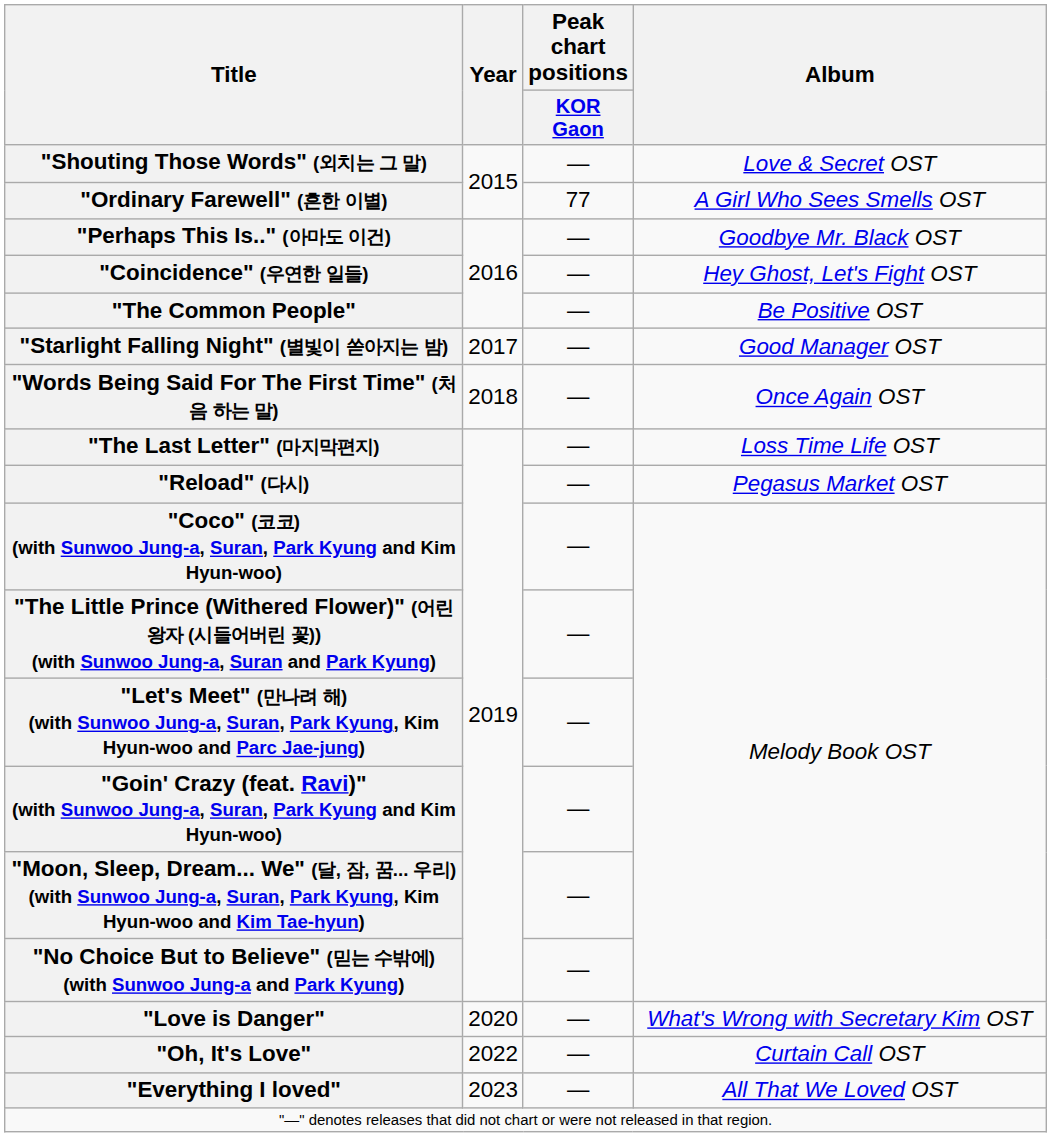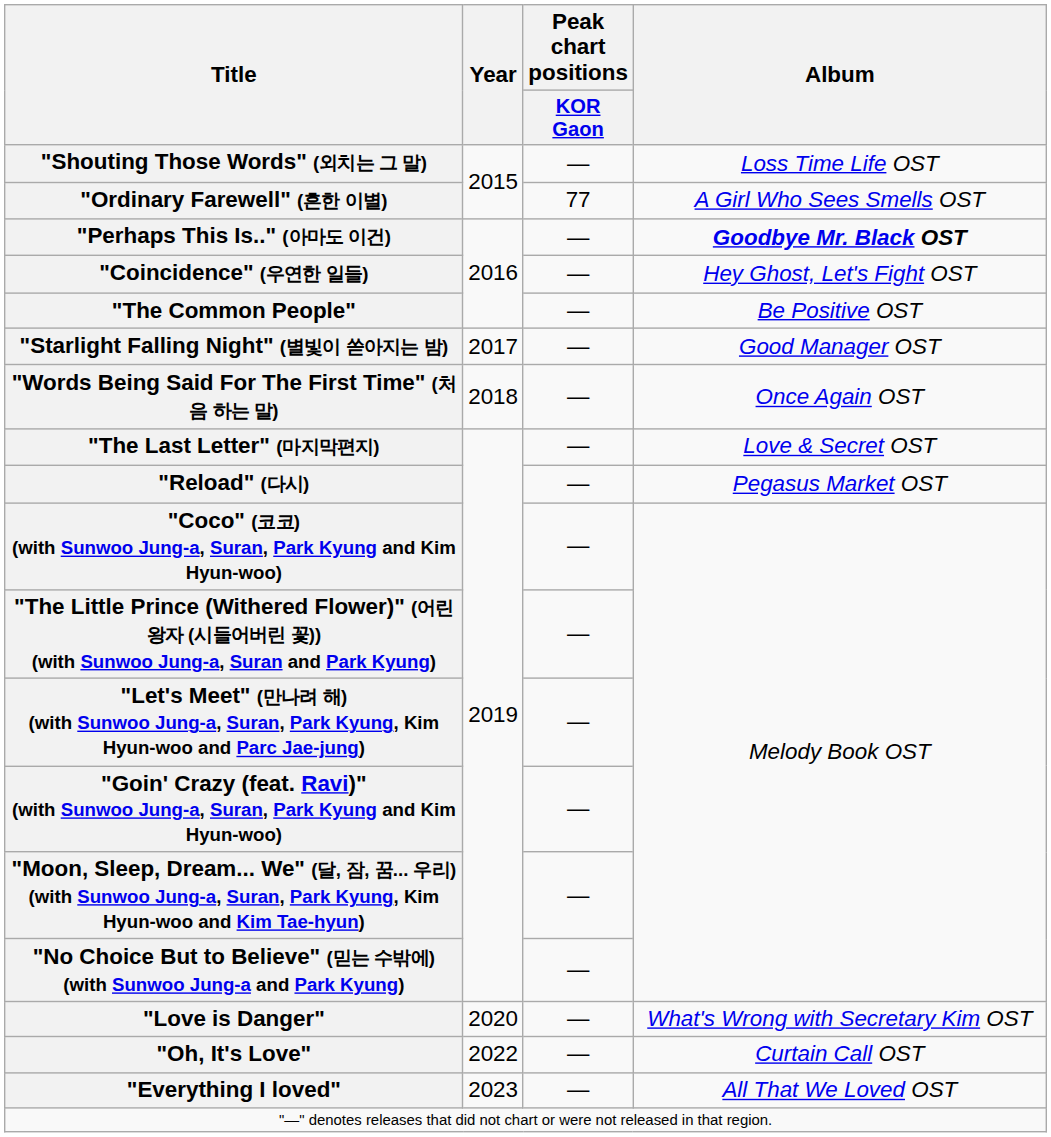 <table class="wikitable plainrowheaders" style="text-align:center">
 <tr>
 <th scope="col" rowspan="2" style="width:20em;">Title</th>
 <th scope="col" rowspan="2" style="width:2em;">Year</th>
 <th scope="col">Peak chart positions</th>
 <th scope="col" rowspan="2" style="width:18em;">Album</th>
 </tr>
 <tr>
 <th style="text-align:center; width:30px; font-size:90%;"><a href='#'>KOR<br>Gaon</a></th>
 </tr>
 <tr>
 <th scope="row">"Shouting Those Words" <small>(외치는 그 말)</small><br></th>
 <td rowspan="2">2015</td>
 <td>—</td>
-<td><em><a href='#'>Love & Secret</a> OST</em></td>
+<td><em><a href='#'>Loss Time Life</a> OST</em></td>
 </tr>
 <tr>
 <th scope="row">"Ordinary Farewell" <small>(흔한 이별)</small><br></th>
 <td>77</td>
 <td><em><a href='#'>A Girl Who Sees Smells</a> OST</em></td>
 </tr>
 <tr>
 <th scope="row">"Perhaps This Is.." <small>(아마도 이건)</small></th>
 <td rowspan="3">2016</td>
 <td>—</td>
-<td><em><a href='#'>Goodbye Mr. Black</a> OST</em></td>
+<td><strong><em><a href='#'>Goodbye Mr. Black</a> OST</em></strong></td>
 </tr>
 <tr>
 <th scope="row">"Coincidence" <small>(우연한 일들)</small><br></th>
 <td>—</td>
 <td><em><a href='#'>Hey Ghost, Let's Fight</a> OST</em></td>
 </tr>
 <tr>
 <th scope="row">"The Common People"</th>
 <td>—</td>
 <td><em><a href='#'>Be Positive</a> OST</em></td>
 </tr>
 <tr>
 <th scope="row">"Starlight Falling Night" <small>(별빛이 쏟아지는 밤)</small></th>
 <td>2017</td>
 <td>—</td>
 <td><em><a href='#'>Good Manager</a> OST</em></td>
 </tr>
 <tr>
 <th scope="row">"Words Being Said For The First Time" <small>(처음 하는 말)</small></th>
 <td>2018</td>
 <td>—</td>
 <td><em><a href='#'>Once Again</a> OST</em></td>
 </tr>
 <tr>
 <th scope="row">"The Last Letter" <small>(마지막편지)</small></th>
 <td rowspan="8">2019</td>
 <td>—</td>
-<td><em><a href='#'>Loss Time Life</a> OST</em></td>
+<td><em><a href='#'>Love & Secret</a> OST</em></td>
 </tr>
 <tr>
 <th scope="row">"Reload" <small>(다시)</small></th>
 <td>—</td>
 <td><em><a href='#'>Pegasus Market</a> OST</em></td>
 </tr>
 <tr>
 <th scope="row">"Coco" <small>(코코)</small><br><small>(with <a href='#'>Sunwoo Jung-a</a>, <a href='#'>Suran</a>, <a href='#'>Park Kyung</a> and Kim Hyun-woo)</small></th>
 <td>—</td>
 <td rowspan="6"><em>Melody Book OST</em></td>
 </tr>
 <tr>
 <th scope="row">"The Little Prince (Withered Flower)" <small>(어린 왕자 (시들어버린 꽃))</small><br><small>(with <a href='#'>Sunwoo Jung-a</a>, <a href='#'>Suran</a> and <a href='#'>Park Kyung</a>)</small></th>
 <td>—</td>
 </tr>
 <tr>
 <th scope="row">"Let's Meet" <small>(만나려 해)</small><br><small>(with <a href='#'>Sunwoo Jung-a</a>, <a href='#'>Suran</a>, <a href='#'>Park Kyung</a>, Kim Hyun-woo and <a href='#'>Parc Jae-jung</a>)</small></th>
 <td>—</td>
 </tr>
 <tr>
 <th scope="row">"Goin' Crazy (feat. <a href='#'>Ravi</a>)"<br><small>(with <a href='#'>Sunwoo Jung-a</a>, <a href='#'>Suran</a>, <a href='#'>Park Kyung</a> and Kim Hyun-woo)</small></th>
 <td>—</td>
 </tr>
 <tr>
 <th scope="row">"Moon, Sleep, Dream... We" <small>(달, 잠, 꿈... 우리)</small><br><small>(with <a href='#'>Sunwoo Jung-a</a>, <a href='#'>Suran</a>, <a href='#'>Park Kyung</a>, Kim Hyun-woo and <a href='#'>Kim Tae-hyun</a>)</small></th>
 <td>—</td>
 </tr>
 <tr>
 <th scope="row">"No Choice But to Believe" <small>(믿는 수밖에)</small><br><small>(with <a href='#'>Sunwoo Jung-a</a> and <a href='#'>Park Kyung</a>)</small></th>
 <td>—</td>
 </tr>
 <tr>
 <th scope="row">"Love is Danger" <br></th>
 <td>2020</td>
 <td>—</td>
 <td><em><a href='#'>What's Wrong with Secretary Kim</a> OST</em></td>
 </tr>
 <tr>
 <th scope="row">"Oh, It's Love" </th>
 <td>2022</td>
 <td>—</td>
 <td><em><a href='#'>Curtain Call</a> OST</em></td>
 </tr>
 <tr>
 <th scope="row">"Everything I loved" </th>
 <td>2023</td>
 <td>—</td>
 <td><em><a href='#'>All That We Loved</a> OST</em></td>
 </tr>
 <tr>
 <td colspan="5" style="text-align:center; font-size:8pt;">"—" denotes releases that did not chart or were not released in that region.</td>
 </tr>
 </table>
